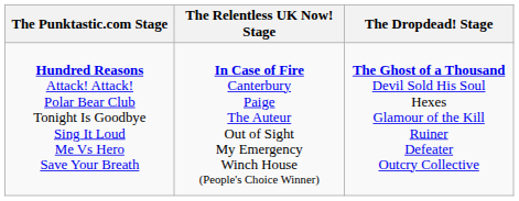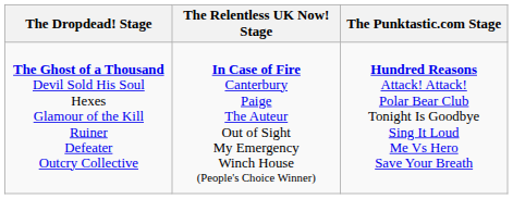 <table class="wikitable">
 <tr>
+<th>The Dropdead! Stage</th>
+<th>The Relentless UK Now! Stage</th>
 <th>The Punktastic.com Stage</th>
-<th>The Relentless UK Now! Stage</th>
-<th>The Dropdead! Stage</th>
 </tr>
 <tr>
+<td valign="top" align="center" width=185><br><strong><a href='#'>The Ghost of a Thousand</a></strong> <br><a href='#'>Devil Sold His Soul</a> <br>Hexes <br><a href='#'>Glamour of the Kill</a> <br><a href='#'>Ruiner</a> <br><a href='#'>Defeater</a> <br><a href='#'>Outcry Collective</a></td>
+<td valign="top" align="center" width=185><br><strong><a href='#'>In Case of Fire</a></strong> <br><a href='#'>Canterbury</a> <br><a href='#'>Paige</a> <br><a href='#'>The Auteur</a> <br>Out of Sight <br>My Emergency <br>Winch House<br><sup>(People's Choice Winner)</sup></td>
 <td valign="top" align="center" width=185><br><strong><a href='#'>Hundred Reasons</a></strong> <br><a href='#'>Attack! Attack!</a> <br><a href='#'>Polar Bear Club</a> <br>Tonight Is Goodbye <br><a href='#'>Sing It Loud</a> <br><a href='#'>Me Vs Hero</a> <br><a href='#'>Save Your Breath</a></td>
-<td valign="top" align="center" width=185><br><strong><a href='#'>In Case of Fire</a></strong> <br><a href='#'>Canterbury</a> <br><a href='#'>Paige</a> <br><a href='#'>The Auteur</a> <br>Out of Sight <br>My Emergency <br>Winch House<br><sup>(People's Choice Winner)</sup></td>
-<td valign="top" align="center" width=185><br><strong><a href='#'>The Ghost of a Thousand</a></strong> <br><a href='#'>Devil Sold His Soul</a> <br>Hexes <br><a href='#'>Glamour of the Kill</a> <br><a href='#'>Ruiner</a> <br><a href='#'>Defeater</a> <br><a href='#'>Outcry Collective</a></td>
 </tr>
 </table>
